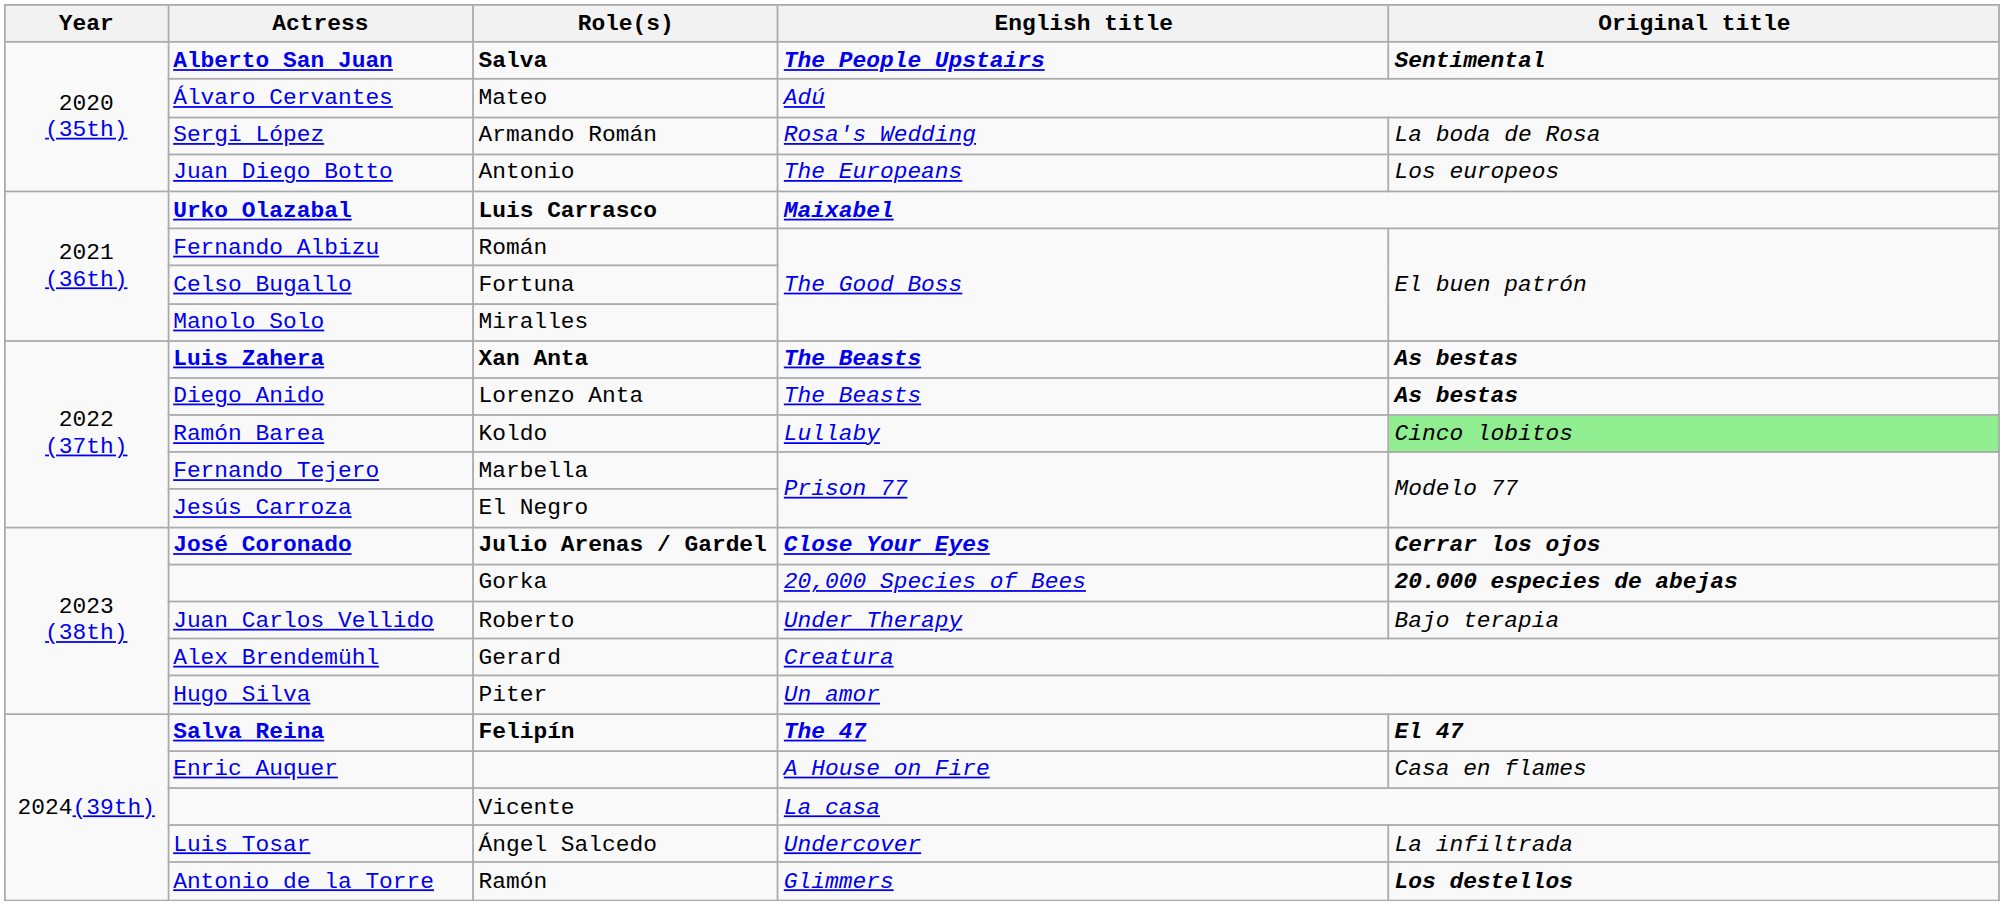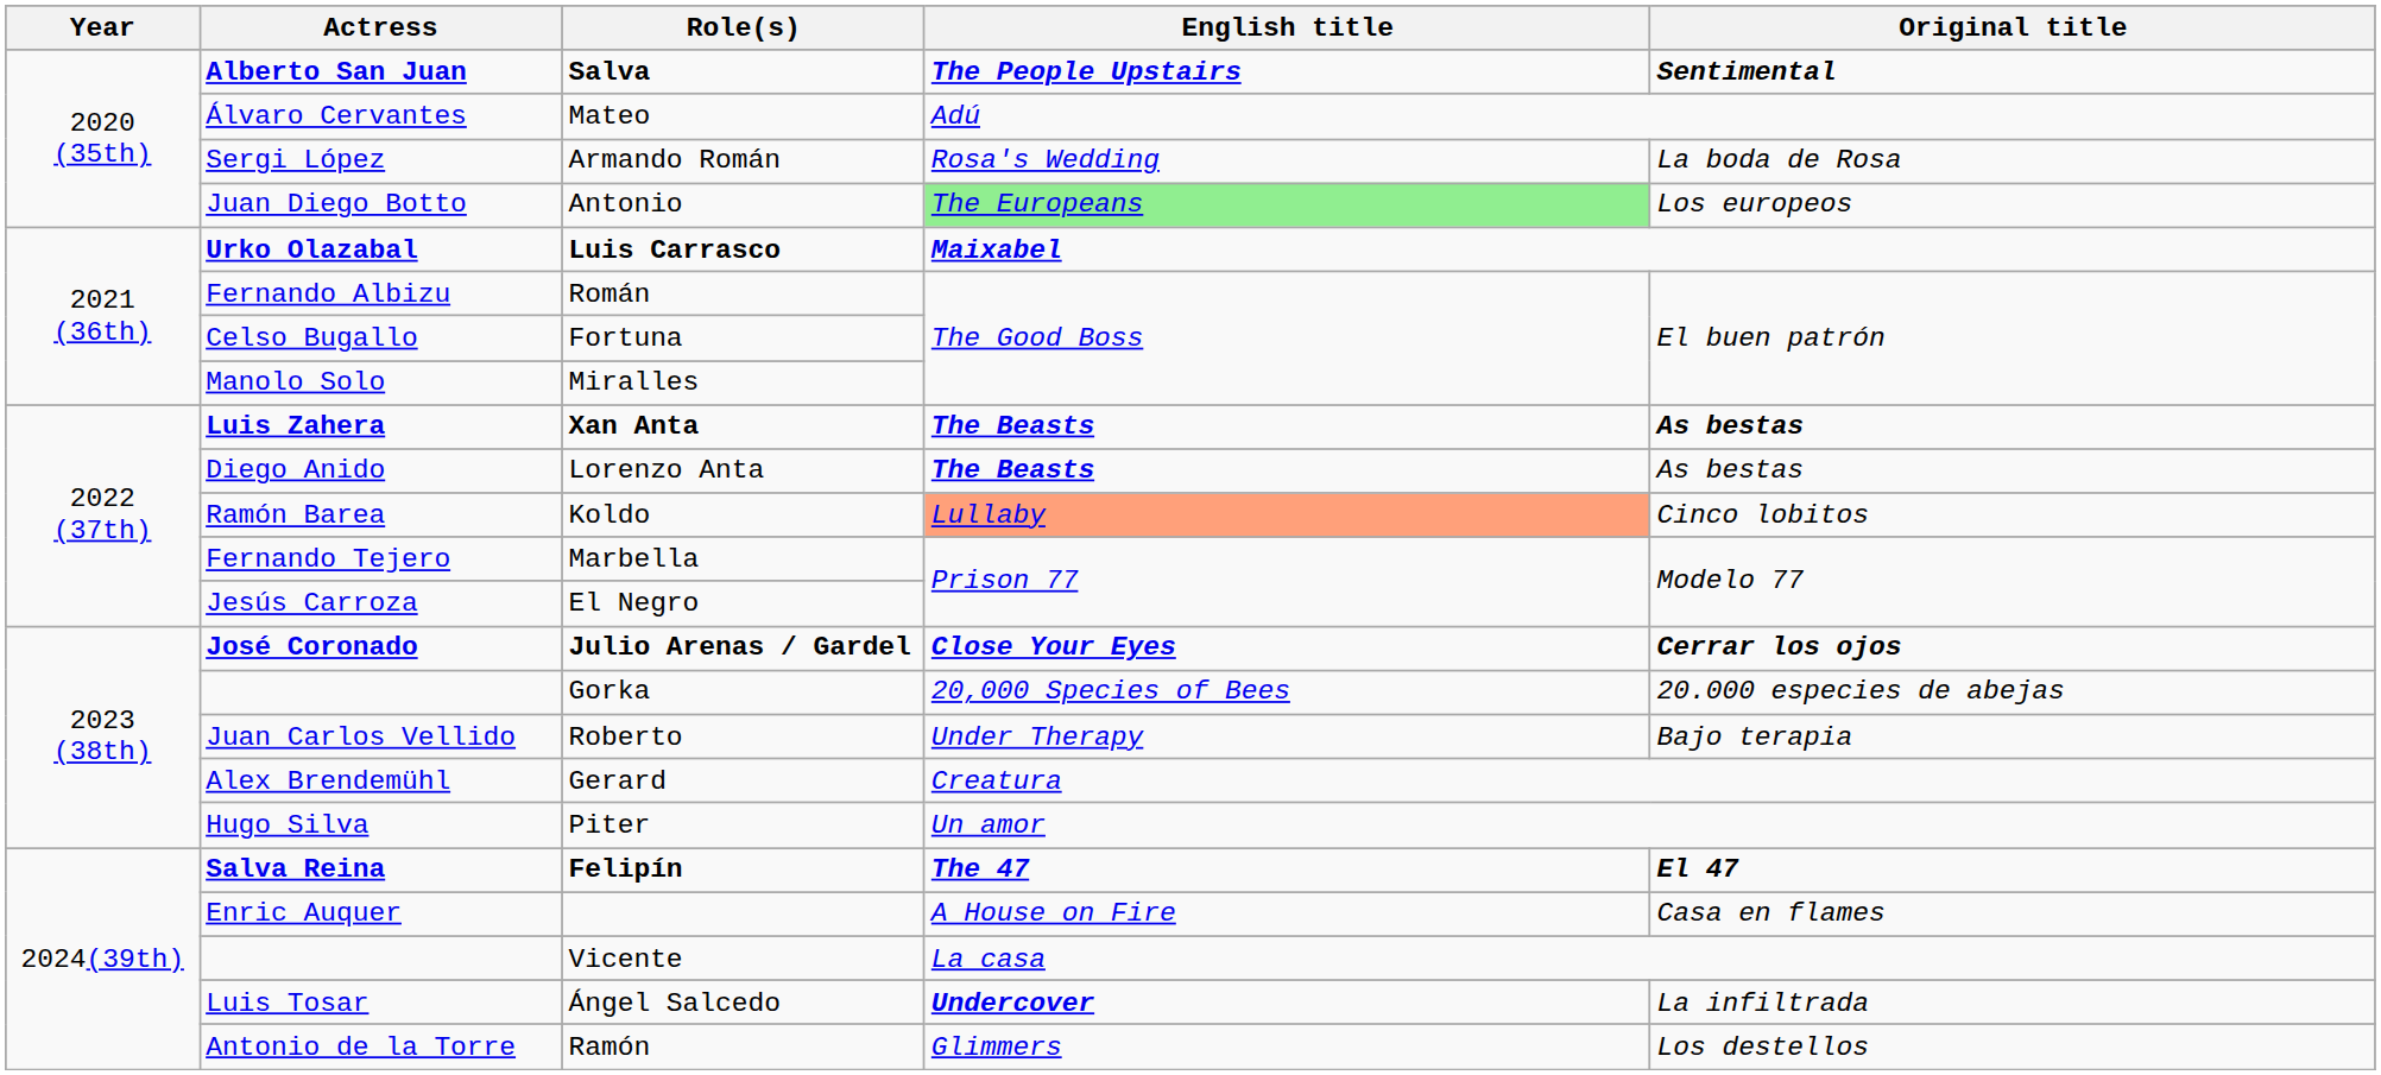 <table class="wikitable sortable" style="text-align:left;">
 <tr>
 <th scope="col" style="width:8%;">Year</th>
 <th scope="col" style="width:15%;">Actress</th>
 <th scope="col" style="width:15%;">Role(s)</th>
 <th scope="col" style="width:30%;">English title</th>
 <th scope="col" style="width:30%;">Original title</th>
 </tr>
 <tr>
 <td rowspan="4" style="text-align:center;">2020<br><a href='#'>(35th)</a></td>
 <td style="background:"><strong><a href='#'>Alberto San Juan</a></strong></td>
 <td style="background:"><strong>Salva</strong></td>
 <td style="background:"><strong><em><a href='#'>The People Upstairs</a></em></strong></td>
 <td style="background:"><strong><em>Sentimental</em></strong></td>
 </tr>
 <tr>
 <td><a href='#'>Álvaro Cervantes</a></td>
 <td>Mateo</td>
 <td colspan="2"><em><a href='#'>Adú</a></em></td>
 </tr>
 <tr>
 <td><a href='#'>Sergi López</a></td>
 <td>Armando Román</td>
 <td><em><a href='#'>Rosa's Wedding</a></em></td>
 <td><em>La boda de Rosa</em></td>
 </tr>
 <tr>
 <td><a href='#'>Juan Diego Botto</a></td>
 <td>Antonio</td>
-<td><em><a href='#'>The Europeans</a></em></td>
+<td style="background: lightgreen;"><em><a href='#'>The Europeans</a></em></td>
 <td><em>Los europeos</em></td>
 </tr>
 <tr>
 <td rowspan="4" style="text-align:center;">2021<br><a href='#'>(36th)</a><br></td>
 <td style="background:"><strong><a href='#'>Urko Olazabal</a></strong></td>
 <td style="background:"><strong>Luis Carrasco</strong></td>
 <td colspan="2" style="background:"><strong><em><a href='#'>Maixabel</a></em></strong></td>
 </tr>
 <tr>
 <td><a href='#'>Fernando Albizu</a></td>
 <td>Román</td>
 <td rowspan="3"><em><a href='#'>The Good Boss</a></em></td>
 <td rowspan="3"><em>El buen patrón</em></td>
 </tr>
 <tr>
 <td><a href='#'>Celso Bugallo</a></td>
 <td>Fortuna</td>
 </tr>
 <tr>
 <td><a href='#'>Manolo Solo</a></td>
 <td>Miralles</td>
 </tr>
 <tr>
 <td rowspan="5" style="text-align:center;">2022<br><a href='#'>(37th)</a><br></td>
 <td style="background:"><strong><a href='#'>Luis Zahera</a></strong></td>
 <td style="background:"><strong>Xan Anta</strong></td>
 <td style="background:"><strong><em><a href='#'>The Beasts</a></em></strong></td>
 <td style="background:"><strong><em>As bestas</em></strong></td>
 </tr>
 <tr>
 <td><a href='#'>Diego Anido</a></td>
 <td>Lorenzo Anta</td>
-<td><em><a href='#'>The Beasts</a></em></td>
-<td><strong><em>As bestas</em></strong></td>
+<td><strong><em><a href='#'>The Beasts</a></em></strong></td>
+<td><em>As bestas</em></td>
 </tr>
 <tr>
 <td><a href='#'>Ramón Barea</a></td>
 <td>Koldo</td>
-<td><em><a href='#'>Lullaby</a></em></td>
-<td style="background: lightgreen;"><em>Cinco lobitos</em></td>
+<td style="background: lightsalmon;"><em><a href='#'>Lullaby</a></em></td>
+<td><em>Cinco lobitos</em></td>
 </tr>
 <tr>
 <td><a href='#'>Fernando Tejero</a></td>
 <td>Marbella</td>
 <td rowspan="2"><em><a href='#'>Prison 77</a></em></td>
 <td rowspan="2"><em>Modelo 77</em></td>
 </tr>
 <tr>
 <td><a href='#'>Jesús Carroza</a></td>
 <td>El Negro</td>
 </tr>
 <tr>
 <td rowspan="5" style="text-align:center;">2023<br><a href='#'>(38th)</a></td>
 <td style="background:"><strong><a href='#'>José Coronado</a></strong></td>
 <td style="background:"><strong>Julio Arenas / Gardel</strong></td>
 <td style="background:"><strong><em><a href='#'>Close Your Eyes</a></em></strong></td>
 <td style="background:"><strong><em>Cerrar los ojos</em></strong></td>
 </tr>
 <tr>
 <td></td>
 <td>Gorka</td>
 <td><em><a href='#'>20,000 Species of Bees</a></em></td>
-<td><strong><em>20.000 especies de abejas</em></strong></td>
+<td><em>20.000 especies de abejas</em></td>
 </tr>
 <tr>
 <td><a href='#'>Juan Carlos Vellido</a></td>
 <td>Roberto</td>
 <td><em><a href='#'>Under Therapy</a></em></td>
 <td><em>Bajo terapia</em></td>
 </tr>
 <tr>
 <td><a href='#'>Alex Brendemühl</a></td>
 <td>Gerard</td>
 <td colspan = "2"><em><a href='#'>Creatura</a></em></td>
 </tr>
 <tr>
 <td><a href='#'>Hugo Silva</a></td>
 <td>Piter</td>
 <td colspan = "2"><em><a href='#'>Un amor</a></em></td>
 </tr>
 <tr>
 <td rowspan="5" style="text-align:center;">2024<a href='#'>(39th)</a></td>
 <td style="background:"><strong><a href='#'>Salva Reina</a></strong></td>
 <td style="background:"><strong>Felipín</strong></td>
 <td style="background:"><strong><em><a href='#'>The 47</a></em></strong></td>
 <td style="background:"><strong><em>El 47</em></strong></td>
 </tr>
 <tr>
 <td><a href='#'>Enric Auquer</a></td>
 <td></td>
 <td><em><a href='#'>A House on Fire</a></em></td>
 <td><em>Casa en flames</em></td>
 </tr>
 <tr>
 <td></td>
 <td>Vicente</td>
 <td colspan = "2"><em><a href='#'>La casa</a></em></td>
 </tr>
 <tr>
 <td><a href='#'>Luis Tosar</a></td>
 <td>Ángel Salcedo</td>
-<td><em><a href='#'>Undercover</a></em></td>
+<td><strong><em><a href='#'>Undercover</a></em></strong></td>
 <td><em>La infiltrada</em></td>
 </tr>
 <tr>
 <td><a href='#'>Antonio de la Torre</a></td>
 <td>Ramón</td>
 <td><em><a href='#'>Glimmers</a></em></td>
-<td><strong><em>Los destellos</em></strong></td>
+<td><em>Los destellos</em></td>
 </tr>
 <tr>
 </tr>
 </table>
